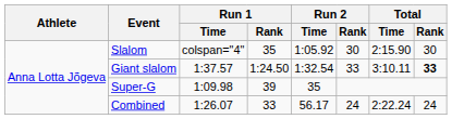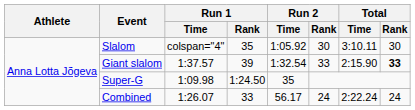 <table class="wikitable" style="font-size:90%">
 <tr>
 <th rowspan=2>Athlete</th>
 <th rowspan=2>Event</th>
 <th colspan=2>Run 1</th>
 <th colspan=2>Run 2</th>
 <th colspan=2>Total</th>
 </tr>
 <tr style="font-size:95%">
 <th>Time</th>
 <th>Rank</th>
 <th>Time</th>
 <th>Rank</th>
 <th>Time</th>
 <th>Rank</th>
 </tr>
 <tr align=center>
 <td align="left" rowspan="4"><a href='#'>Anna Lotta Jõgeva</a></td>
 <td align="left"><a href='#'>Slalom</a></td>
 <td>colspan="4" </td>
 <td>35</td>
 <td>1:05.92</td>
 <td>30</td>
-<td>2:15.90</td>
+<td>3:10.11</td>
 <td>30</td>
 </tr>
 <tr align=center>
 <td align="left"><a href='#'>Giant slalom</a></td>
 <td>1:37.57</td>
-<td>1:24.50</td>
+<td>39</td>
 <td>1:32.54</td>
 <td>33</td>
-<td>3:10.11</td>
+<td>2:15.90</td>
 <td><strong>33</strong></td>
 </tr>
 <tr align=center>
 <td align="left"><a href='#'>Super-G</a></td>
 <td>1:09.98</td>
-<td>39</td>
+<td>1:24.50</td>
 <td>35</td>
 </tr>
 <tr align=center>
 <td align="left"><a href='#'>Combined</a></td>
 <td>1:26.07</td>
 <td>33</td>
 <td>56.17</td>
 <td>24</td>
 <td>2:22.24</td>
 <td>24</td>
 </tr>
 </table>
